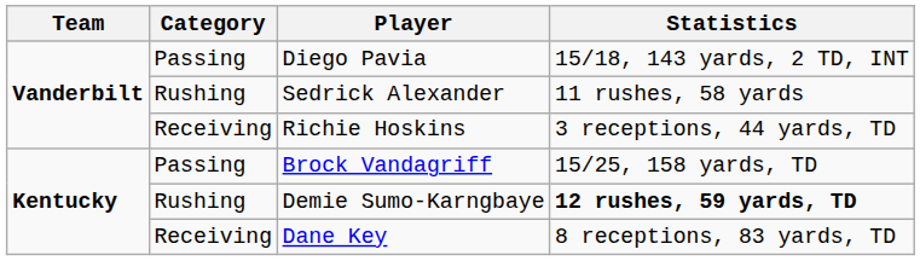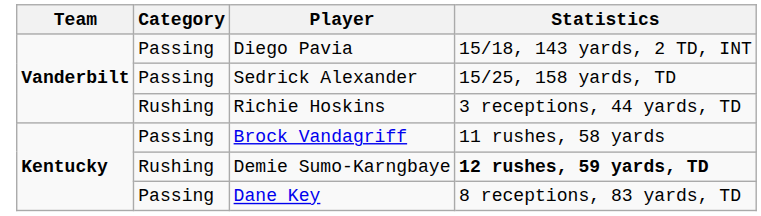 <table class="wikitable" style="float: right;">
 <tr>
 <th>Team</th>
 <th>Category</th>
 <th>Player</th>
 <th>Statistics</th>
 </tr>
 <tr>
 <td rowspan=3><strong>Vanderbilt</strong></td>
 <td>Passing</td>
 <td>Diego Pavia</td>
 <td>15/18, 143 yards, 2 TD, INT</td>
 </tr>
 <tr>
-<td>Rushing</td>
+<td>Passing</td>
 <td>Sedrick Alexander</td>
-<td>11 rushes, 58 yards</td>
+<td>15/25, 158 yards, TD</td>
 </tr>
 <tr>
-<td>Receiving</td>
+<td>Rushing</td>
 <td>Richie Hoskins</td>
 <td>3 receptions, 44 yards, TD</td>
 </tr>
 <tr>
 <td rowspan=3><strong>Kentucky</strong></td>
 <td>Passing</td>
 <td><a href='#'>Brock Vandagriff</a></td>
-<td>15/25, 158 yards, TD</td>
+<td>11 rushes, 58 yards</td>
 </tr>
 <tr>
 <td>Rushing</td>
 <td>Demie Sumo-Karngbaye</td>
 <td><strong>12 rushes, 59 yards, TD</strong></td>
 </tr>
 <tr>
-<td>Receiving</td>
+<td>Passing</td>
 <td><a href='#'>Dane Key</a></td>
 <td>8 receptions, 83 yards, TD</td>
 </tr>
 </table>
